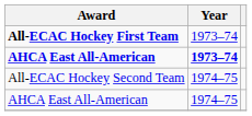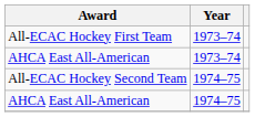 <table class="wikitable">
 <tr>
 <th>Award</th>
 <th>Year</th>
 <th></th>
 </tr>
 <tr>
-<td><strong>All-<a href='#'>ECAC Hockey</a> <a href='#'>First Team</a></strong></td>
+<td>All-<a href='#'>ECAC Hockey</a> <a href='#'>First Team</a></td>
 <td><a href='#'>1973–74</a></td>
 <td></td>
 </tr>
 <tr>
-<td><strong><a href='#'>AHCA</a> <a href='#'>East All-American</a></strong></td>
-<td><strong><a href='#'>1973–74</a></strong></td>
+<td><a href='#'>AHCA</a> <a href='#'>East All-American</a></td>
+<td><a href='#'>1973–74</a></td>
 <td></td>
 </tr>
 <tr>
 <td>All-<a href='#'>ECAC Hockey</a> <a href='#'>Second Team</a></td>
 <td><a href='#'>1974–75</a></td>
 <td></td>
 </tr>
 <tr>
 <td><a href='#'>AHCA</a> <a href='#'>East All-American</a></td>
 <td><a href='#'>1974–75</a></td>
 <td></td>
 </tr>
 <tr>
 </tr>
 </table>
